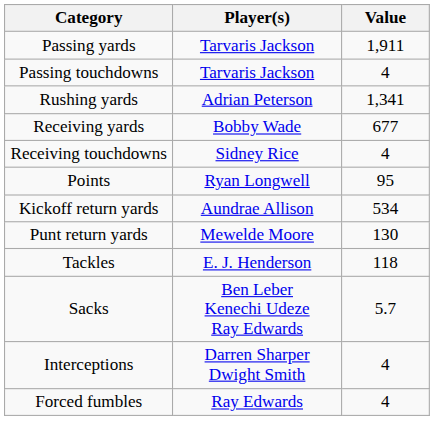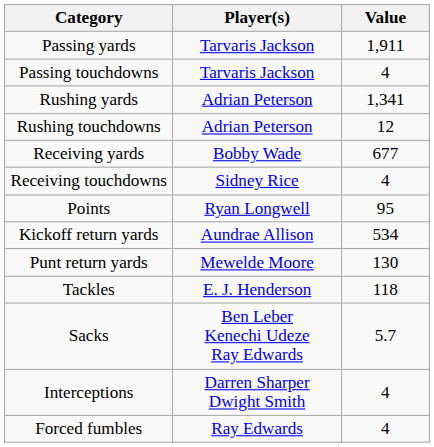 <table class="wikitable" style="text-align:center">
 <tr>
 <th width=150px>Category</th>
 <th width=150px>Player(s)</th>
 <th width=75px>Value</th>
 </tr>
 <tr>
 <td>Passing yards</td>
 <td><a href='#'>Tarvaris Jackson</a></td>
 <td>1,911</td>
 </tr>
 <tr>
 <td>Passing touchdowns</td>
 <td><a href='#'>Tarvaris Jackson</a></td>
 <td>4</td>
 </tr>
 <tr>
 <td>Rushing yards</td>
 <td><a href='#'>Adrian Peterson</a></td>
 <td>1,341</td>
+</tr>
+<tr>
+<td>Rushing touchdowns</td>
+<td><a href='#'>Adrian Peterson</a></td>
+<td>12</td>
 </tr>
 <tr>
 <td>Receiving yards</td>
 <td><a href='#'>Bobby Wade</a></td>
 <td>677</td>
 </tr>
 <tr>
 <td>Receiving touchdowns</td>
 <td><a href='#'>Sidney Rice</a></td>
 <td>4</td>
 </tr>
 <tr>
 <td>Points</td>
 <td><a href='#'>Ryan Longwell</a></td>
 <td>95</td>
 </tr>
 <tr>
 <td>Kickoff return yards</td>
 <td><a href='#'>Aundrae Allison</a></td>
 <td>534</td>
 </tr>
 <tr>
 <td>Punt return yards</td>
 <td><a href='#'>Mewelde Moore</a></td>
 <td>130</td>
 </tr>
 <tr>
 <td>Tackles</td>
 <td><a href='#'>E. J. Henderson</a></td>
 <td>118</td>
 </tr>
 <tr>
 <td>Sacks</td>
 <td><a href='#'>Ben Leber</a><br><a href='#'>Kenechi Udeze</a><br><a href='#'>Ray Edwards</a></td>
 <td>5.7</td>
 </tr>
 <tr>
 <td>Interceptions</td>
 <td><a href='#'>Darren Sharper</a><br><a href='#'>Dwight Smith</a></td>
 <td>4</td>
 </tr>
 <tr>
 <td>Forced fumbles</td>
 <td><a href='#'>Ray Edwards</a></td>
 <td>4</td>
 </tr>
 </table>
